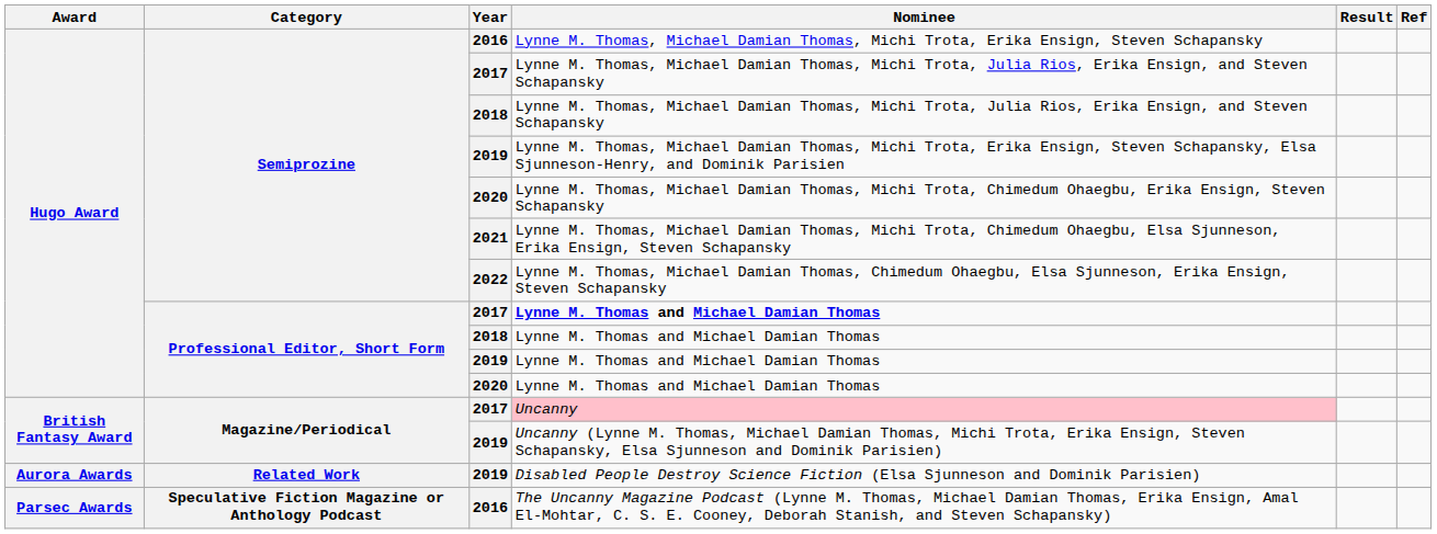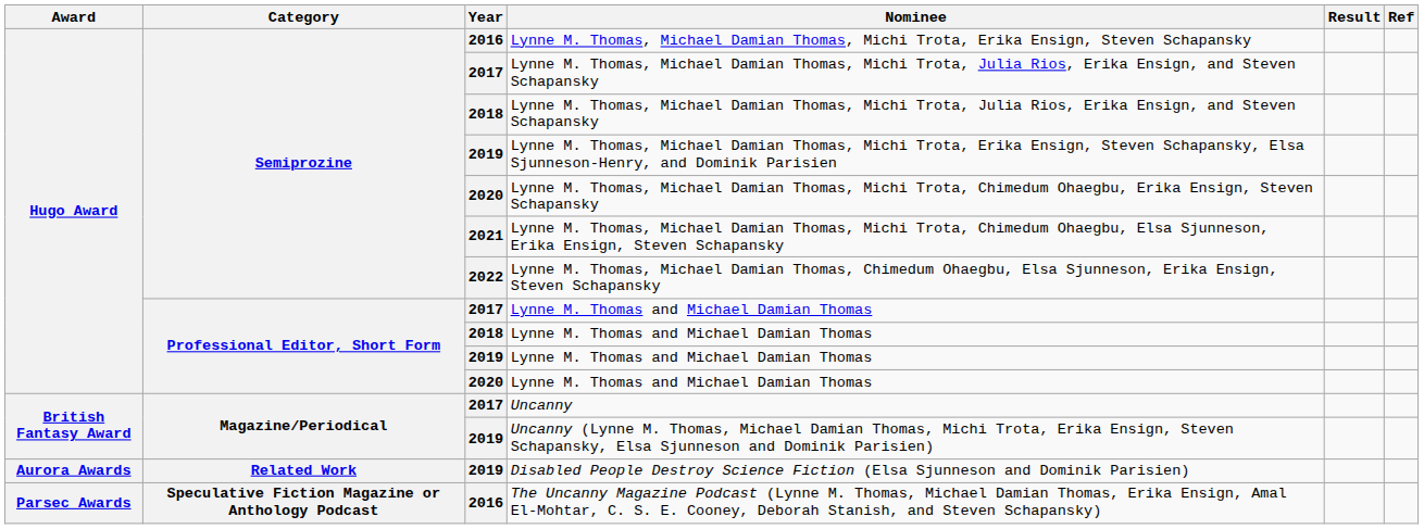 <table class="wikitable">
 <tr>
 <th>Award</th>
 <th>Category</th>
 <th>Year</th>
 <th>Nominee</th>
 <th>Result</th>
 <th>Ref</th>
 </tr>
 <tr>
 <th rowspan="11"><a href='#'>Hugo Award</a></th>
 <th rowspan="7"><a href='#'>Semiprozine</a></th>
 <th>2016</th>
 <td><a href='#'>Lynne M. Thomas</a>, <a href='#'>Michael Damian Thomas</a>, Michi Trota, Erika Ensign, Steven Schapansky</td>
 <td></td>
 <td></td>
 </tr>
 <tr>
 <th>2017</th>
 <td>Lynne M. Thomas, Michael Damian Thomas, Michi Trota, <a href='#'>Julia Rios</a>, Erika Ensign, and Steven Schapansky</td>
 <td></td>
 <td></td>
 </tr>
 <tr>
 <th>2018</th>
 <td>Lynne M. Thomas, Michael Damian Thomas, Michi Trota, Julia Rios, Erika Ensign, and Steven Schapansky</td>
 <td></td>
 <td></td>
 </tr>
 <tr>
 <th>2019</th>
 <td>Lynne M. Thomas, Michael Damian Thomas, Michi Trota, Erika Ensign, Steven Schapansky, Elsa Sjunneson-Henry, and Dominik Parisien</td>
 <td></td>
 <td></td>
 </tr>
 <tr>
 <th>2020</th>
 <td>Lynne M. Thomas, Michael Damian Thomas, Michi Trota, Chimedum Ohaegbu, Erika Ensign, Steven Schapansky</td>
 <td></td>
 <td></td>
 </tr>
 <tr>
 <th>2021</th>
 <td>Lynne M. Thomas, Michael Damian Thomas, Michi Trota, Chimedum Ohaegbu, Elsa Sjunneson, Erika Ensign, Steven Schapansky</td>
 <td></td>
 <td></td>
 </tr>
 <tr>
 <th>2022</th>
 <td>Lynne M. Thomas, Michael Damian Thomas, Chimedum Ohaegbu, Elsa Sjunneson, Erika Ensign, Steven Schapansky</td>
 <td></td>
 <td></td>
 </tr>
 <tr>
 <th rowspan="4"><a href='#'>Professional Editor, Short Form</a></th>
 <th>2017</th>
-<td><strong><a href='#'>Lynne M. Thomas</a> and <a href='#'>Michael Damian Thomas</a></strong></td>
+<td><a href='#'>Lynne M. Thomas</a> and <a href='#'>Michael Damian Thomas</a></td>
 <td></td>
 <td></td>
 </tr>
 <tr>
 <th>2018</th>
 <td>Lynne M. Thomas and Michael Damian Thomas</td>
 <td></td>
 <td></td>
 </tr>
 <tr>
 <th>2019</th>
 <td>Lynne M. Thomas and Michael Damian Thomas</td>
 <td></td>
 <td></td>
 </tr>
 <tr>
 <th>2020</th>
 <td>Lynne M. Thomas and Michael Damian Thomas</td>
 <td></td>
 <td></td>
 </tr>
 <tr>
 <th rowspan="2"><a href='#'>British Fantasy Award</a></th>
 <th rowspan="2">Magazine/Periodical</th>
 <th>2017</th>
-<td style="background: pink;"><em>Uncanny</em></td>
+<td><em>Uncanny</em></td>
 <td></td>
 <td></td>
 </tr>
 <tr>
 <th>2019</th>
 <td><em>Uncanny</em> (Lynne M. Thomas, Michael Damian Thomas, Michi Trota, Erika Ensign, Steven Schapansky, Elsa Sjunneson and Dominik Parisien)</td>
 <td></td>
 <td></td>
 </tr>
 <tr>
 <th><a href='#'>Aurora Awards</a></th>
 <th><a href='#'>Related Work</a></th>
 <th>2019</th>
 <td><em>Disabled People Destroy Science Fiction</em> (Elsa Sjunneson and Dominik Parisien)</td>
 <td></td>
 <td></td>
 </tr>
 <tr>
 <th><a href='#'>Parsec Awards</a></th>
 <th>Speculative Fiction Magazine or Anthology Podcast</th>
 <th>2016</th>
 <td><em>The Uncanny Magazine Podcast</em> (Lynne M. Thomas, Michael Damian Thomas, Erika Ensign, Amal El-Mohtar, C. S. E. Cooney, Deborah Stanish, and Steven Schapansky)</td>
 <td></td>
 <td></td>
 </tr>
 </table>
